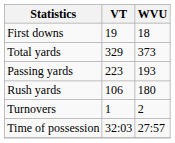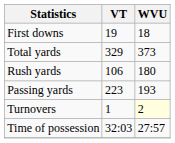 <table class="wikitable" style="float: left;">
 <tr>
 <th>Statistics</th>
 <th>VT</th>
 <th>WVU</th>
 </tr>
 <tr>
 <td>First downs</td>
 <td>19</td>
 <td>18</td>
 </tr>
 <tr>
 <td>Total yards</td>
 <td>329</td>
 <td>373</td>
 </tr>
 <tr>
+<td>Rush yards</td>
+<td>106</td>
+<td>180</td>
+</tr>
+<tr>
 <td>Passing yards</td>
 <td>223</td>
 <td>193</td>
 </tr>
 <tr>
-<td>Rush yards</td>
-<td>106</td>
-<td>180</td>
-</tr>
-<tr>
 <td>Turnovers</td>
 <td>1</td>
-<td>2</td>
+<td style="background: lightyellow;">2</td>
 </tr>
 <tr>
 <td>Time of possession</td>
 <td>32:03</td>
 <td>27:57</td>
 </tr>
 <tr>
 </tr>
 </table>
